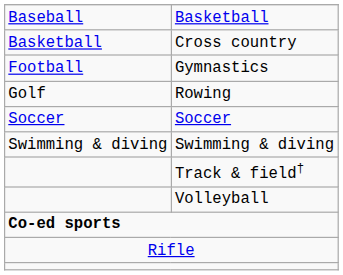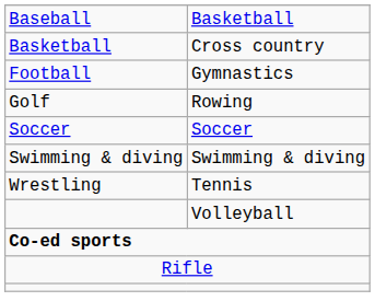 <table class="wikitable" style=" ">
 <tr>
 </tr>
 <tr>
 <td><a href='#'>Baseball</a></td>
 <td><a href='#'>Basketball</a></td>
 </tr>
 <tr>
 <td><a href='#'>Basketball</a></td>
 <td>Cross country</td>
 </tr>
 <tr>
 <td><a href='#'>Football</a></td>
 <td>Gymnastics</td>
 </tr>
 <tr>
 <td>Golf</td>
 <td>Rowing</td>
 </tr>
 <tr>
 <td><a href='#'>Soccer</a></td>
 <td><a href='#'>Soccer</a></td>
 </tr>
 <tr>
 <td>Swimming & diving</td>
 <td>Swimming & diving</td>
 </tr>
 <tr>
-<td></td>
-<td>Track & field<sup>†</sup></td>
+<td>Wrestling</td>
+<td>Tennis</td>
 </tr>
 <tr>
 <td></td>
 <td>Volleyball</td>
 </tr>
 <tr>
 <td colspan="2"><strong>Co-ed sports</strong></td>
 </tr>
 <tr style="text-align:center">
 <td colspan="2"><a href='#'>Rifle</a></td>
 </tr>
 <tr>
 <td colspan="2"></td>
 </tr>
 </table>
